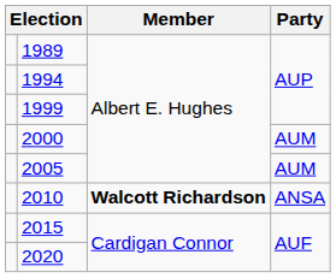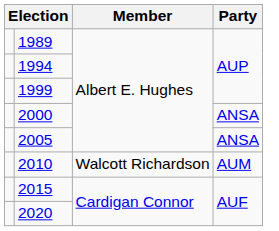 <table class="wikitable">
 <tr>
 <th colspan=2>Election</th>
 <th>Member</th>
 <th>Party</th>
 </tr>
 <tr>
 <td style="background-color: "></td>
 <td><a href='#'>1989</a></td>
 <td rowspan="5">Albert E. Hughes</td>
 <td rowspan="3"><a href='#'>AUP</a></td>
 </tr>
 <tr>
 <td style="background-color: "></td>
 <td><a href='#'>1994</a></td>
 </tr>
 <tr>
 <td style="background-color: "></td>
 <td><a href='#'>1999</a></td>
 </tr>
 <tr>
 <td style="background-color: "></td>
 <td><a href='#'>2000</a></td>
-<td><a href='#'>AUM</a></td>
+<td><a href='#'>ANSA</a></td>
 </tr>
 <tr>
 <td style="background-color: "></td>
 <td><a href='#'>2005</a></td>
-<td><a href='#'>AUM</a></td>
+<td><a href='#'>ANSA</a></td>
 </tr>
 <tr>
 <td style="background-color: "></td>
 <td><a href='#'>2010</a></td>
-<td><strong>Walcott Richardson</strong></td>
-<td><a href='#'>ANSA</a></td>
+<td>Walcott Richardson</td>
+<td><a href='#'>AUM</a></td>
 </tr>
 <tr>
 <td style="background-color: "></td>
 <td><a href='#'>2015</a></td>
 <td rowspan="2"><a href='#'>Cardigan Connor</a></td>
 <td rowspan="2"><a href='#'>AUF</a></td>
 </tr>
 <tr>
 <td style="background-color: "></td>
 <td><a href='#'>2020</a></td>
 </tr>
 </table>
